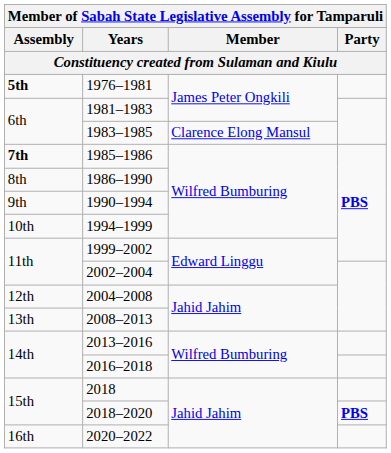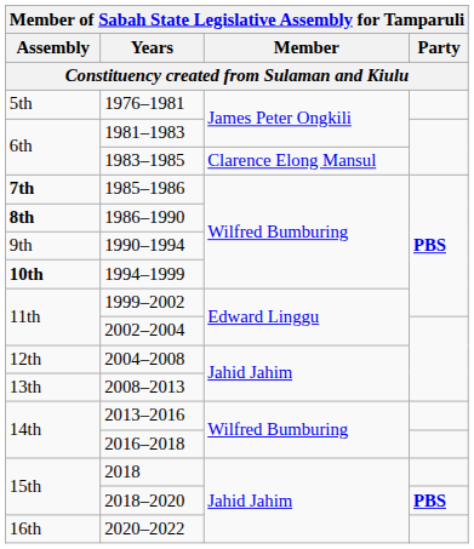 <table class="wikitable">
 <tr>
 <th colspan="4">Member of <a href='#'>Sabah State Legislative Assembly</a> for Tamparuli</th>
 </tr>
 <tr>
 <th>Assembly</th>
 <th>Years</th>
 <th>Member</th>
 <th>Party</th>
 </tr>
 <tr>
 <th colspan="4" align="center"><em>Constituency created from Sulaman and Kiulu</em></th>
 </tr>
 <tr>
-<td><strong>5th</strong></td>
+<td>5th</td>
 <td>1976–1981</td>
 <td rowspan="2"><a href='#'>James Peter Ongkili</a></td>
 <td></td>
 </tr>
 <tr>
 <td rowspan="2">6th</td>
 <td>1981–1983</td>
 <td rowspan="2"></td>
 </tr>
 <tr>
 <td>1983–1985</td>
 <td><a href='#'>Clarence Elong Mansul</a></td>
 </tr>
 <tr>
 <td><strong>7th</strong></td>
 <td>1985–1986</td>
 <td rowspan="4"><a href='#'>Wilfred Bumburing</a></td>
 <td rowspan="5"><strong><a href='#'>PBS</a></strong></td>
 </tr>
 <tr>
-<td>8th</td>
+<td><strong>8th</strong></td>
 <td>1986–1990</td>
 </tr>
 <tr>
 <td>9th</td>
 <td>1990–1994</td>
 </tr>
 <tr>
-<td>10th</td>
+<td><strong>10th</strong></td>
 <td>1994–1999</td>
 </tr>
 <tr>
 <td rowspan=2>11th</td>
 <td>1999–2002</td>
 <td rowspan=2><a href='#'>Edward Linggu</a></td>
 </tr>
 <tr>
 <td>2002–2004</td>
 <td rowspan="3"></td>
 </tr>
 <tr>
 <td>12th</td>
 <td>2004–2008</td>
 <td rowspan="2"><a href='#'>Jahid Jahim</a></td>
 </tr>
 <tr>
 <td>13th</td>
 <td>2008–2013</td>
 </tr>
 <tr>
 <td rowspan="2">14th</td>
 <td>2013–2016</td>
 <td rowspan="2"><a href='#'>Wilfred Bumburing</a></td>
 <td></td>
 </tr>
 <tr>
 <td>2016–2018</td>
 <td></td>
 </tr>
 <tr>
 <td rowspan="2">15th</td>
 <td>2018</td>
 <td rowspan="3"><a href='#'>Jahid Jahim</a></td>
 <td></td>
 </tr>
 <tr>
 <td>2018–2020</td>
 <td><strong><a href='#'>PBS</a></strong></td>
 </tr>
 <tr>
 <td>16th</td>
 <td>2020–2022</td>
 <td></td>
 </tr>
 </table>
